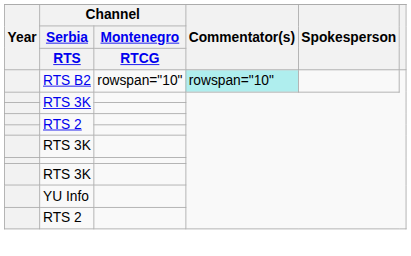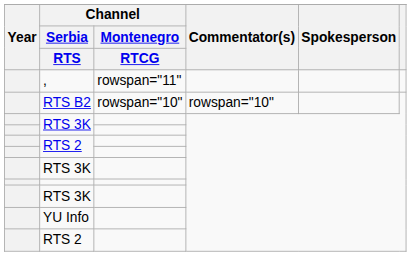 <table class="wikitable plainrowheaders" style="text-align:left">
 <tr>
 </tr>
 <tr>
 <th rowspan="3">Year</th>
 <th colspan="2">Channel</th>
 <th rowspan="3">Commentator(s)</th>
 <th rowspan="3">Spokesperson</th>
 <th rowspan="3"></th>
 </tr>
 <tr>
 <th><a href='#'>Serbia</a></th>
 <th><a href='#'>Montenegro</a></th>
 </tr>
 <tr>
 <th><a href='#'>RTS</a></th>
 <th><a href='#'>RTCG</a></th>
 </tr>
 <tr>
 <th scope="row"></th>
+<td>,<br></td>
+<td>rowspan="11" </td>
+<td></td>
+<td></td>
+<td style="text-align:center"></td>
+</tr>
+<tr>
+<th scope="row"></th>
 <td><a href='#'>RTS B2</a></td>
 <td>rowspan="10" </td>
-<td style="background: paleturquoise;">rowspan="10" </td>
+<td>rowspan="10" </td>
 <td style="text-align:center"></td>
 </tr>
 <tr>
 <th scope="row"></th>
 <td rowspan="2"><a href='#'>RTS 3K</a></td>
 <td style="text-align:center"></td>
 </tr>
 <tr>
 <th scope="row"></th>
 <td style="text-align:center"></td>
 </tr>
 <tr>
 <th scope="row"></th>
 <td rowspan="2"><a href='#'>RTS 2</a></td>
 <td style="text-align:center"></td>
 </tr>
 <tr>
 <th scope="row"></th>
 <td style="text-align:center"></td>
 </tr>
 <tr>
 <th scope="row"></th>
 <td>RTS 3K</td>
 <td style="text-align:center"></td>
 </tr>
 <tr>
 <th scope="row"></th>
 <td></td>
 <td></td>
 </tr>
 <tr>
 <th scope="row"></th>
 <td>RTS 3K</td>
 <td style="text-align:center"></td>
 </tr>
 <tr>
 <th scope="row"></th>
 <td>YU Info</td>
 <td style="text-align:center"></td>
 </tr>
 <tr>
 <th scope="row"></th>
 <td>RTS 2</td>
 <td style="text-align:center"></td>
 </tr>
 </table>
